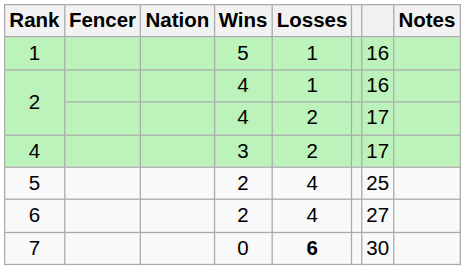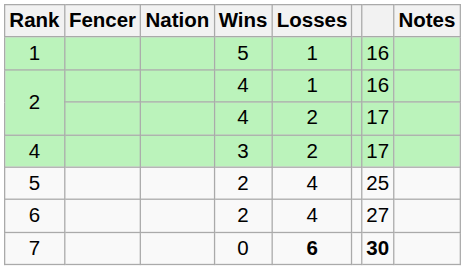 <table class="wikitable sortable" style="text-align: center;">
 <tr>
 <th>Rank</th>
 <th>Fencer</th>
 <th>Nation</th>
 <th>Wins</th>
 <th>Losses</th>
 <th></th>
 <th></th>
 <th>Notes</th>
 </tr>
 <tr style="background:#bbf3bb;">
 <td>1</td>
 <td align=left></td>
 <td align=left></td>
 <td>5</td>
 <td>1</td>
 <td></td>
 <td>16</td>
 <td></td>
 </tr>
 <tr style="background:#bbf3bb;">
 <td rowspan=2>2</td>
 <td align=left></td>
 <td align=left></td>
 <td>4</td>
 <td>1</td>
 <td></td>
 <td>16</td>
 <td></td>
 </tr>
 <tr style="background:#bbf3bb;">
 <td align=left></td>
 <td align=left></td>
 <td>4</td>
 <td>2</td>
 <td></td>
 <td>17</td>
 <td></td>
 </tr>
 <tr style="background:#bbf3bb;">
 <td>4</td>
 <td align=left></td>
 <td align=left></td>
 <td>3</td>
 <td>2</td>
 <td></td>
 <td>17</td>
 <td></td>
 </tr>
 <tr>
 <td>5</td>
 <td align=left></td>
 <td align=left></td>
 <td>2</td>
 <td>4</td>
 <td></td>
 <td>25</td>
 <td></td>
 </tr>
 <tr>
 <td>6</td>
 <td align=left></td>
 <td align=left></td>
 <td>2</td>
 <td>4</td>
 <td></td>
 <td>27</td>
 <td></td>
 </tr>
 <tr>
 <td>7</td>
 <td align=left></td>
 <td align=left></td>
 <td>0</td>
 <td><strong>6</strong></td>
 <td></td>
-<td>30</td>
+<td><strong>30</strong></td>
 <td></td>
 </tr>
 </table>
